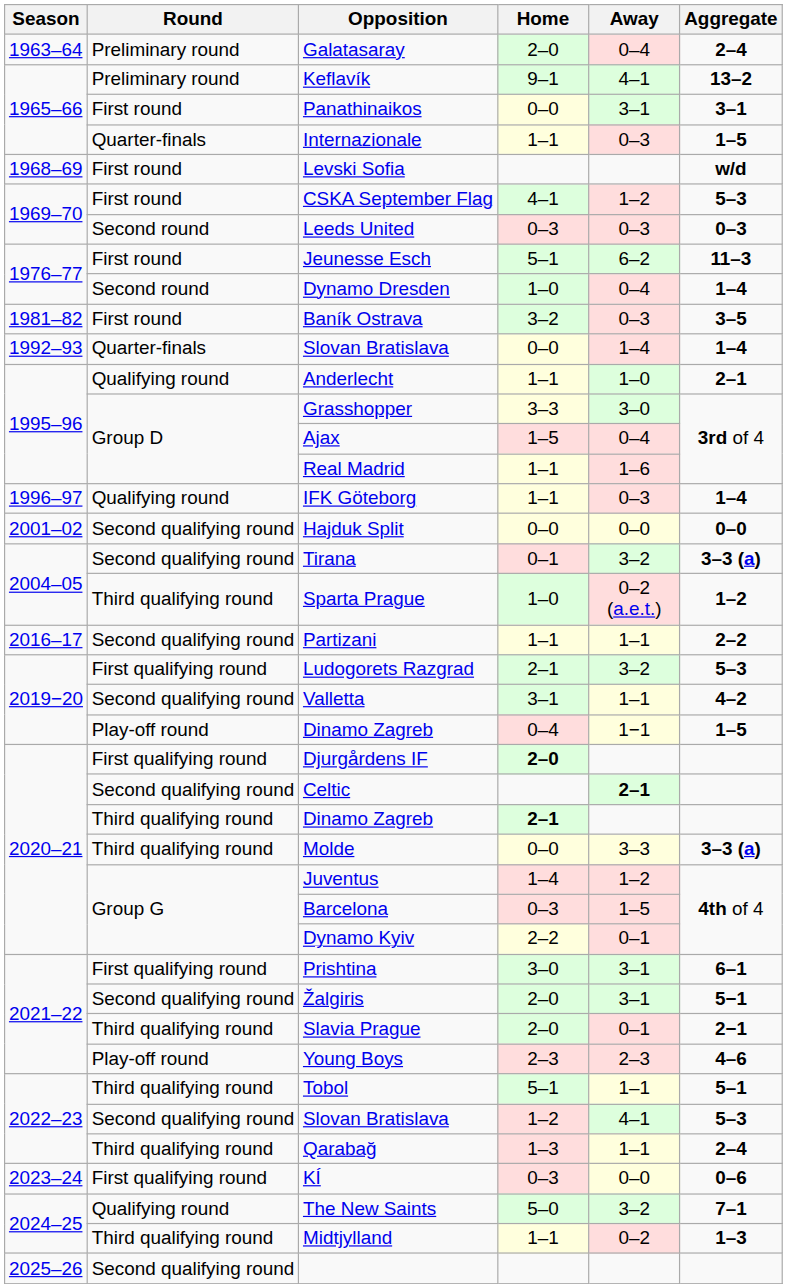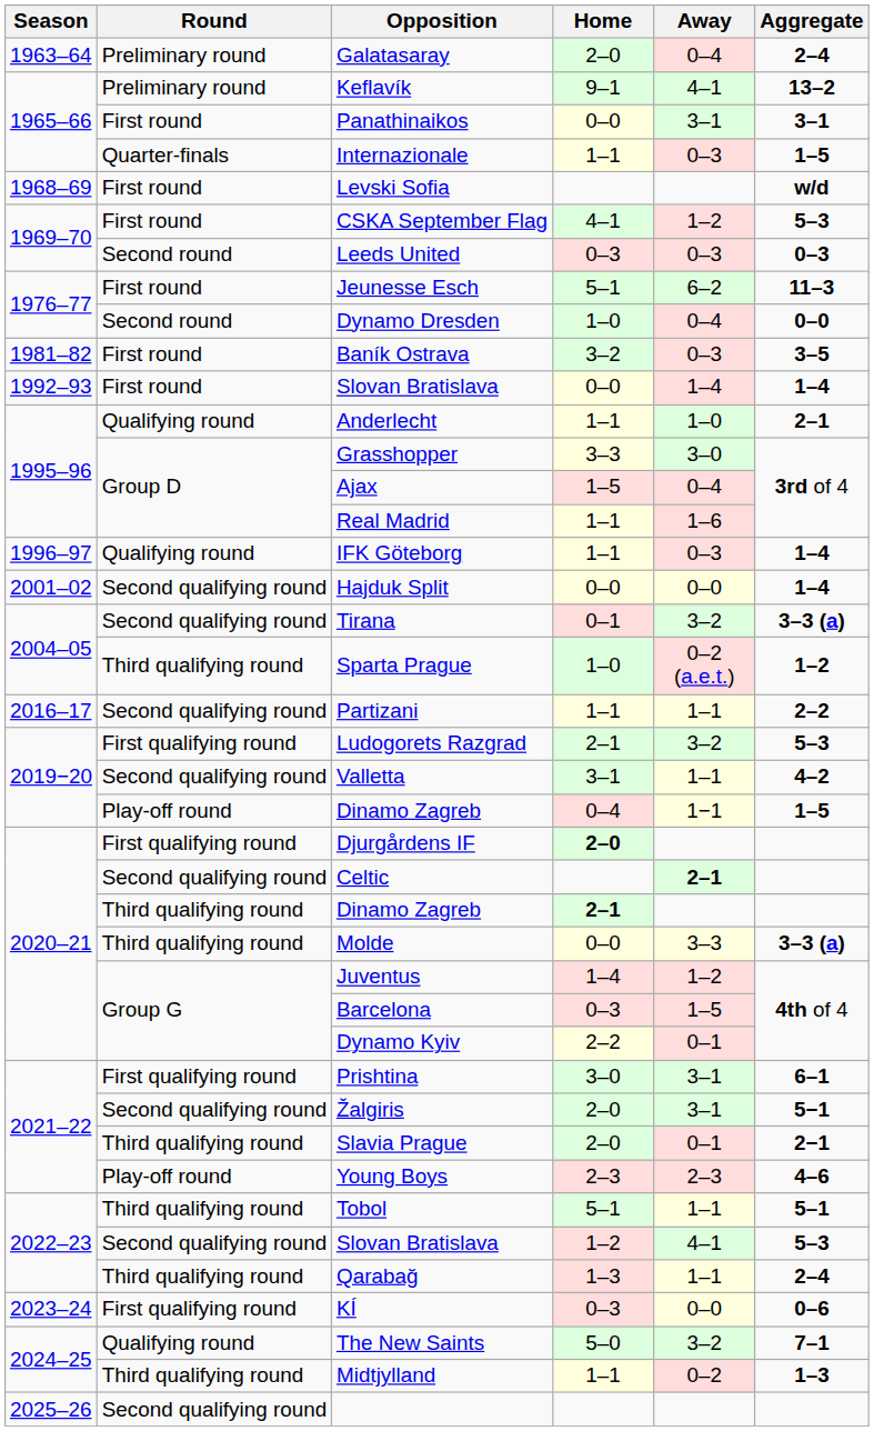 <table class="wikitable">
 <tr>
 <th>Season</th>
 <th>Round</th>
 <th>Opposition</th>
 <th width=70>Home</th>
 <th width=70>Away</th>
 <th width=75>Aggregate</th>
 </tr>
 <tr>
 <td><a href='#'>1963–64</a></td>
 <td>Preliminary round</td>
 <td> <a href='#'>Galatasaray</a></td>
 <td style="text-align:center; background:#dfd;">2–0</td>
 <td style="text-align:center; background:#fdd;">0–4</td>
 <td style="text-align:center;"><strong>2–4</strong></td>
 </tr>
 <tr>
 <td rowspan=3><a href='#'>1965–66</a></td>
 <td>Preliminary round</td>
 <td> <a href='#'>Keflavík</a></td>
 <td style="text-align:center; background:#dfd;">9–1</td>
 <td style="text-align:center; background:#dfd;">4–1</td>
 <td style="text-align:center;"><strong>13–2</strong></td>
 </tr>
 <tr>
 <td>First round</td>
 <td> <a href='#'>Panathinaikos</a></td>
 <td style="text-align:center; background:#ffd;">0–0</td>
 <td style="text-align:center; background:#dfd;">3–1</td>
 <td style="text-align:center;"><strong>3–1</strong></td>
 </tr>
 <tr>
 <td>Quarter-finals</td>
 <td> <a href='#'>Internazionale</a></td>
 <td style="text-align:center; background:#ffd;">1–1</td>
 <td style="text-align:center; background:#fdd;">0–3</td>
 <td style="text-align:center;"><strong>1–5</strong></td>
 </tr>
 <tr>
 <td><a href='#'>1968–69</a></td>
 <td>First round</td>
 <td> <a href='#'>Levski Sofia</a></td>
 <td></td>
 <td></td>
 <td style="text-align:center;"><strong>w/d</strong></td>
 </tr>
 <tr>
 <td rowspan=2><a href='#'>1969–70</a></td>
 <td>First round</td>
 <td> <a href='#'>CSKA September Flag</a></td>
 <td style="text-align:center; background:#dfd;">4–1</td>
 <td style="text-align:center; background:#fdd;">1–2</td>
 <td style="text-align:center;"><strong>5–3</strong></td>
 </tr>
 <tr>
 <td>Second round</td>
 <td> <a href='#'>Leeds United</a></td>
 <td style="text-align:center; background:#fdd;">0–3</td>
 <td style="text-align:center; background:#fdd;">0–3</td>
 <td style="text-align:center;"><strong>0–3</strong></td>
 </tr>
 <tr>
 <td rowspan=2><a href='#'>1976–77</a></td>
 <td>First round</td>
 <td> <a href='#'>Jeunesse Esch</a></td>
 <td style="text-align:center; background:#dfd;">5–1</td>
 <td style="text-align:center; background:#dfd;">6–2</td>
 <td style="text-align:center;"><strong>11–3</strong></td>
 </tr>
 <tr>
 <td>Second round</td>
 <td> <a href='#'>Dynamo Dresden</a></td>
 <td style="text-align:center; background:#dfd;">1–0</td>
 <td style="text-align:center; background:#fdd;">0–4</td>
-<td style="text-align:center;"><strong>1–4</strong></td>
+<td style="text-align:center;"><strong>0–0 </strong></td>
 </tr>
 <tr>
 <td><a href='#'>1981–82</a></td>
 <td>First round</td>
 <td> <a href='#'>Baník Ostrava</a></td>
 <td style="text-align:center; background:#dfd;">3–2</td>
 <td style="text-align:center; background:#fdd;">0–3</td>
 <td style="text-align:center;"><strong>3–5</strong></td>
 </tr>
 <tr>
 <td><a href='#'>1992–93</a></td>
-<td>Quarter-finals</td>
+<td>First round</td>
 <td> <a href='#'>Slovan Bratislava</a></td>
 <td style="text-align:center; background:#ffd;">0–0</td>
 <td style="text-align:center; background:#fdd;">1–4</td>
 <td style="text-align:center;"><strong>1–4</strong></td>
 </tr>
 <tr>
 <td rowspan=4><a href='#'>1995–96</a></td>
 <td>Qualifying round</td>
 <td> <a href='#'>Anderlecht</a></td>
 <td style="text-align:center; background:#ffd;">1–1</td>
 <td style="text-align:center; background:#dfd;">1–0</td>
 <td style="text-align:center;"><strong>2–1</strong></td>
 </tr>
 <tr>
 <td rowspan=3>Group D</td>
 <td> <a href='#'>Grasshopper</a></td>
 <td style="text-align:center; background:#ffd;">3–3</td>
 <td style="text-align:center; background:#dfd;">3–0</td>
 <td style="text-align:center"; rowspan=3><strong>3rd</strong> of 4</td>
 </tr>
 <tr>
 <td> <a href='#'>Ajax</a></td>
 <td style="text-align:center; background:#fdd;">1–5</td>
 <td style="text-align:center; background:#fdd;">0–4</td>
 </tr>
 <tr>
 <td> <a href='#'>Real Madrid</a></td>
 <td style="text-align:center; background:#ffd;">1–1</td>
 <td style="text-align:center; background:#fdd;">1–6</td>
 </tr>
 <tr>
 <td><a href='#'>1996–97</a></td>
 <td>Qualifying round</td>
 <td> <a href='#'>IFK Göteborg</a></td>
 <td style="text-align:center; background:#ffd;">1–1</td>
 <td style="text-align:center; background:#fdd;">0–3</td>
 <td style="text-align:center;"><strong>1–4</strong></td>
 </tr>
 <tr>
 <td><a href='#'>2001–02</a></td>
 <td>Second qualifying round</td>
 <td> <a href='#'>Hajduk Split</a></td>
 <td style="text-align:center; background:#ffd;">0–0</td>
 <td style="text-align:center; background:#ffd;">0–0</td>
-<td style="text-align:center;"><strong>0–0 </strong></td>
+<td style="text-align:center;"><strong>1–4</strong></td>
 </tr>
 <tr>
 <td rowspan=2><a href='#'>2004–05</a></td>
 <td>Second qualifying round</td>
 <td> <a href='#'>Tirana</a></td>
 <td style="text-align:center; background:#fdd;">0–1</td>
 <td style="text-align:center; background:#dfd;">3–2</td>
 <td style="text-align:center;"><strong>3–3 (<a href='#'>a</a>)</strong></td>
 </tr>
 <tr>
 <td>Third qualifying round</td>
 <td> <a href='#'>Sparta Prague</a></td>
 <td style="text-align:center; background:#dfd;">1–0</td>
 <td style="text-align:center; background:#fdd;">0–2 (<a href='#'>a.e.t.</a>)</td>
 <td style="text-align:center;"><strong>1–2</strong></td>
 </tr>
 <tr>
 <td rowspan=1><a href='#'>2016–17</a></td>
 <td>Second qualifying round</td>
 <td> <a href='#'>Partizani</a></td>
 <td style="text-align:center; background:#ffd;">1–1</td>
 <td style="text-align:center; background:#ffd;">1–1</td>
 <td style="text-align:center;"><strong>2–2 </strong></td>
 </tr>
 <tr>
 <td rowspan=3><a href='#'>2019−20</a></td>
 <td>First qualifying round</td>
 <td> <a href='#'>Ludogorets Razgrad</a></td>
 <td style="text-align:center; background:#dfd;">2–1</td>
 <td style="text-align:center; background:#dfd;">3–2</td>
 <td style="text-align:center;"><strong>5–3</strong></td>
 </tr>
 <tr>
 <td>Second qualifying round</td>
 <td> <a href='#'>Valletta</a></td>
 <td style="text-align:center; background:#dfd;">3–1</td>
 <td style="text-align:center; background:#ffd;">1–1</td>
 <td style="text-align:center;"><strong>4–2</strong></td>
 </tr>
 <tr>
 <td>Play-off round</td>
 <td> <a href='#'>Dinamo Zagreb</a></td>
 <td style="text-align:center; background:#fdd;">0–4</td>
 <td style="text-align:center; background:#ffd;">1−1</td>
 <td style="text-align:center;"><strong>1–5</strong></td>
 </tr>
 <tr>
 <td rowspan=7><a href='#'>2020–21</a></td>
 <td>First qualifying round</td>
 <td> <a href='#'>Djurgårdens IF</a></td>
 <td style="text-align:center; background:#dfd;"><strong>2–0</strong></td>
 <td></td>
 <td></td>
 </tr>
 <tr>
 <td>Second qualifying round</td>
 <td> <a href='#'>Celtic</a></td>
 <td></td>
 <td style="text-align:center; background:#dfd;"><strong>2–1</strong></td>
 <td></td>
 </tr>
 <tr>
 <td>Third qualifying round</td>
 <td> <a href='#'>Dinamo Zagreb</a></td>
 <td style="text-align:center; background:#dfd;"><strong>2–1</strong></td>
 <td></td>
 <td></td>
 </tr>
 <tr>
 <td>Third qualifying round</td>
 <td> <a href='#'>Molde</a></td>
 <td style="text-align:center; background:#ffd;">0–0</td>
 <td style="text-align:center; background:#ffd;">3–3</td>
 <td style="text-align:center;"><strong>3–3 (<a href='#'>a</a>)</strong></td>
 </tr>
 <tr>
 <td rowspan=3>Group G</td>
 <td> <a href='#'>Juventus</a></td>
 <td style="text-align:center; background:#fdd;">1–4</td>
 <td style="text-align:center; background:#fdd;">1–2</td>
 <td style="text-align:center"; rowspan=3><strong>4th</strong> of 4</td>
 </tr>
 <tr>
 <td> <a href='#'>Barcelona</a></td>
 <td style="text-align:center; background:#fdd;">0–3</td>
 <td style="text-align:center; background:#fdd;">1–5</td>
 </tr>
 <tr>
 <td> <a href='#'>Dynamo Kyiv</a></td>
 <td style="text-align:center; background:#ffd;">2–2</td>
 <td style="text-align:center; background:#fdd;">0–1</td>
 </tr>
 <tr>
 <td rowspan=4><a href='#'>2021–22</a></td>
 <td>First qualifying round</td>
 <td> <a href='#'>Prishtina</a></td>
 <td style="text-align:center; background:#dfd;">3–0</td>
 <td style="text-align:center; background:#dfd;">3–1</td>
 <td style="text-align:center;"><strong>6–1</strong></td>
 </tr>
 <tr>
 <td>Second qualifying round</td>
 <td> <a href='#'>Žalgiris</a></td>
 <td style="text-align:center; background:#dfd;">2–0</td>
 <td style="text-align:center; background:#dfd;">3–1</td>
 <td style="text-align:center;"><strong>5−1</strong></td>
 </tr>
 <tr>
 <td>Third qualifying round</td>
 <td> <a href='#'>Slavia Prague</a></td>
 <td style="text-align:center; background:#dfd;">2–0</td>
 <td style="text-align:center; background:#fdd;">0–1</td>
 <td style="text-align:center;"><strong>2−1</strong></td>
 </tr>
 <tr>
 <td>Play-off round</td>
 <td> <a href='#'>Young Boys</a></td>
 <td style="text-align:center; background:#fdd;">2–3</td>
 <td style="text-align:center; background:#fdd;">2–3</td>
 <td style="text-align:center;"><strong>4–6</strong></td>
 </tr>
 <tr>
 <td rowspan=3><a href='#'>2022–23</a></td>
 <td>Third qualifying round</td>
 <td> <a href='#'>Tobol</a></td>
 <td style="text-align:center; background:#dfd;">5–1</td>
 <td style="text-align:center; background:#ffd;">1–1</td>
 <td style="text-align:center;"><strong>5–1</strong></td>
 </tr>
 <tr>
 <td>Second qualifying round</td>
 <td> <a href='#'>Slovan Bratislava</a></td>
 <td style="text-align:center; background:#fdd;">1–2</td>
 <td style="text-align:center; background:#dfd;">4–1</td>
 <td style="text-align:center;"><strong>5–3</strong></td>
 </tr>
 <tr>
 <td>Third qualifying round</td>
 <td> <a href='#'>Qarabağ</a></td>
 <td style="text-align:center; background:#fdd;">1–3</td>
 <td style="text-align:center; background:#ffd;">1–1</td>
 <td style="text-align:center;"><strong>2–4</strong></td>
 </tr>
 <tr>
 <td><a href='#'>2023–24</a></td>
 <td>First qualifying round</td>
 <td> <a href='#'>KÍ</a></td>
 <td style="text-align:center;  background:#fdd;">0–3</td>
 <td style="text-align:center; background:#ffd;">0–0</td>
 <td style="text-align:center;"><strong>0–6</strong></td>
 </tr>
 <tr>
 <td rowspan=2><a href='#'>2024–25</a></td>
 <td>Qualifying round</td>
 <td> <a href='#'>The New Saints</a></td>
 <td style="text-align:center; background:#dfd;">5–0</td>
 <td style="text-align:center; background:#dfd;">3–2</td>
 <td style="text-align:center;"><strong>7–1</strong></td>
 </tr>
 <tr>
 <td>Third qualifying round</td>
 <td> <a href='#'>Midtjylland</a></td>
 <td style="text-align:center; background:#ffd;">1–1</td>
 <td style="text-align:center;  background:#fdd;">0–2</td>
 <td style="text-align:center;"><strong>1–3</strong></td>
 </tr>
 <tr>
 <td><a href='#'>2025–26</a></td>
 <td>Second qualifying round</td>
 <td></td>
 <td style="text-align:center;"></td>
 <td style="text-align:center;"></td>
 <td style="text-align:center;"></td>
 </tr>
 </table>
